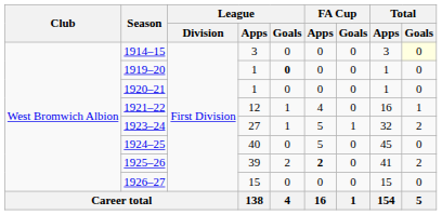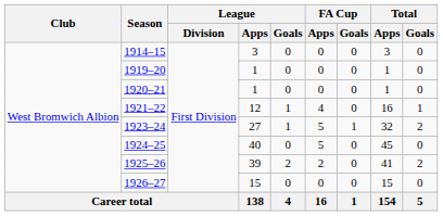 <table class="wikitable" style="text-align: center">
 <tr>
 <th rowspan="2">Club</th>
 <th rowspan="2">Season</th>
 <th colspan="3">League</th>
 <th colspan="2">FA Cup</th>
 <th colspan="2">Total</th>
 </tr>
 <tr>
 <th>Division</th>
 <th>Apps</th>
 <th>Goals</th>
 <th>Apps</th>
 <th>Goals</th>
 <th>Apps</th>
 <th>Goals</th>
 </tr>
 <tr>
 <td rowspan="8"><a href='#'>West Bromwich Albion</a></td>
 <td><a href='#'>1914–15</a></td>
 <td rowspan="8"><a href='#'>First Division</a></td>
 <td>3</td>
 <td>0</td>
 <td>0</td>
 <td>0</td>
 <td>3</td>
-<td style="background: lightyellow;">0</td>
+<td>0</td>
 </tr>
 <tr>
 <td><a href='#'>1919–20</a></td>
 <td>1</td>
-<td><strong>0</strong></td>
+<td>0</td>
 <td>0</td>
 <td>0</td>
 <td>1</td>
 <td>0</td>
 </tr>
 <tr>
 <td><a href='#'>1920–21</a></td>
 <td>1</td>
 <td>0</td>
 <td>0</td>
 <td>0</td>
 <td>1</td>
 <td>0</td>
 </tr>
 <tr>
 <td><a href='#'>1921–22</a></td>
 <td>12</td>
 <td>1</td>
 <td>4</td>
 <td>0</td>
 <td>16</td>
 <td>1</td>
 </tr>
 <tr>
 <td><a href='#'>1923–24</a></td>
 <td>27</td>
 <td>1</td>
 <td>5</td>
 <td>1</td>
 <td>32</td>
 <td>2</td>
 </tr>
 <tr>
 <td><a href='#'>1924–25</a></td>
 <td>40</td>
 <td>0</td>
 <td>5</td>
 <td>0</td>
 <td>45</td>
 <td>0</td>
 </tr>
 <tr>
 <td><a href='#'>1925–26</a></td>
 <td>39</td>
 <td>2</td>
-<td><strong>2</strong></td>
+<td>2</td>
 <td>0</td>
 <td>41</td>
 <td>2</td>
 </tr>
 <tr>
 <td><a href='#'>1926–27</a></td>
 <td>15</td>
 <td>0</td>
 <td>0</td>
 <td>0</td>
 <td>15</td>
 <td>0</td>
 </tr>
 <tr>
 <th colspan="3">Career total</th>
 <th>138</th>
 <th>4</th>
 <th>16</th>
 <th>1</th>
 <th>154</th>
 <th>5</th>
 </tr>
 </table>
